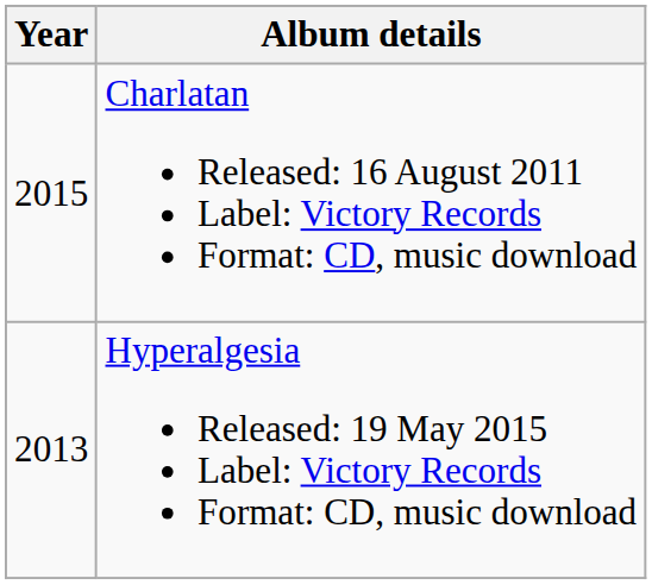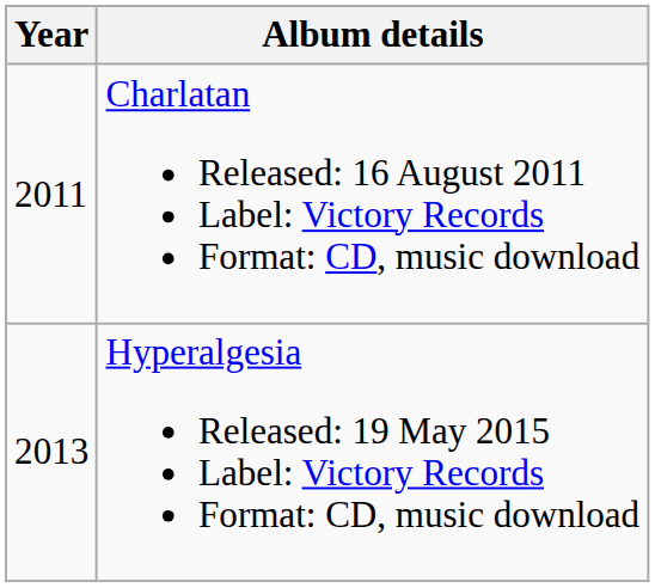 <table class="wikitable">
 <tr>
 <th>Year</th>
 <th>Album details</th>
 </tr>
 <tr>
-<td>2015</td>
+<td>2011</td>
 <td><a href='#'>Charlatan</a><br><ul><li>Released: 16 August 2011</li><li>Label: <a href='#'>Victory Records</a></li><li>Format: <a href='#'>CD</a>, music download</li></ul></td>
 </tr>
 <tr>
 <td>2013</td>
 <td><a href='#'>Hyperalgesia</a><br><ul><li>Released: 19 May 2015</li><li>Label: <a href='#'>Victory Records</a></li><li>Format: CD, music download</li></ul></td>
 </tr>
 </table>
